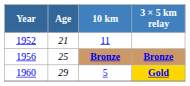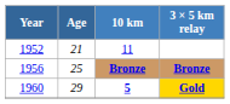 <table class="wikitable" style="font-size:95%; text-align:center; border:grey solid 1px; border-collapse:collapse; background:#ffffff;">
 <tr>
 <th style="background-color:#369; color:white; width:60px;"> Year </th>
 <th style="background-color:#369; color:white; width:40px;"> Age </th>
 <th style="background-color:#4180be; color:white; width:75px;"> 10 km </th>
 <th style="background-color:#4180be; color:white; width:75px;"> 3 × 5 km <br> relay </th>
 </tr>
 <tr>
 <td><a href='#'>1952</a></td>
 <td><em>21</em></td>
 <td><a href='#'>11</a></td>
 <td></td>
 </tr>
 <tr>
 <td><a href='#'>1956</a></td>
 <td><em>25</em></td>
 <td bgcolor="cc9966"><a href='#'><strong>Bronze</strong></a></td>
 <td bgcolor="cc9966"><a href='#'><strong>Bronze</strong></a></td>
 </tr>
 <tr>
 <td><a href='#'>1960</a></td>
 <td><em>29</em></td>
-<td><a href='#'>5</a></td>
+<td><strong><a href='#'>5</a></strong></td>
 <td style="background:gold;"><a href='#'><strong>Gold</strong></a></td>
 </tr>
 <tr>
 </tr>
 </table>
